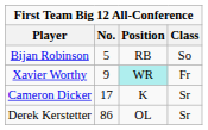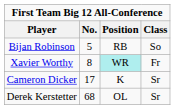 <table class="wikitable" style="text-align:center">
 <tr>
 <td colspan="5"><strong>First Team Big 12 All-Conference</strong></td>
 </tr>
 <tr>
 <th>Player</th>
 <th>No.</th>
 <th>Position</th>
 <th>Class</th>
 </tr>
 <tr>
 <td><a href='#'>Bijan Robinson</a></td>
 <td>5</td>
 <td>RB</td>
 <td>So</td>
 </tr>
 <tr>
 <td><a href='#'>Xavier Worthy</a></td>
-<td>9</td>
+<td>8</td>
 <td style="background: paleturquoise;">WR</td>
 <td>Fr</td>
 </tr>
 <tr>
 <td><a href='#'>Cameron Dicker</a></td>
 <td>17</td>
 <td>K</td>
 <td>Sr</td>
 </tr>
 <tr>
 <td>Derek Kerstetter</td>
-<td>86</td>
+<td>68</td>
 <td>OL</td>
 <td>Sr</td>
 </tr>
 </table>
